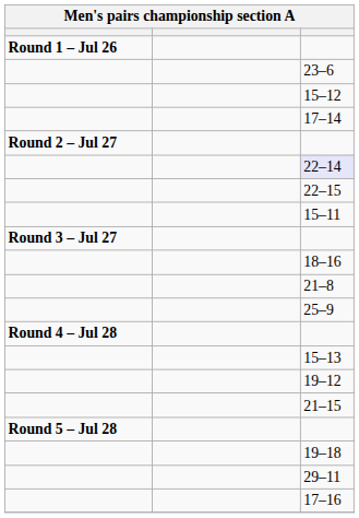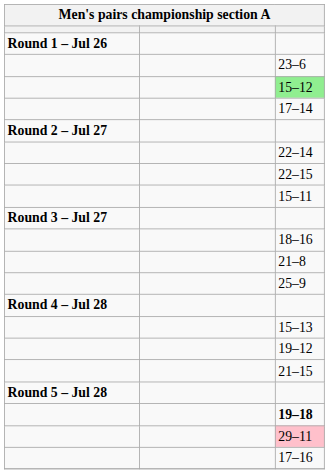 <table class="wikitable">
 <tr>
 <th colspan="3">Men's pairs championship section A</th>
 </tr>
 <tr>
 <th width=150></th>
 <th width=150></th>
 <th width=50></th>
 </tr>
 <tr>
 <td><strong>Round 1 – Jul 26</strong></td>
 <td></td>
 <td></td>
 </tr>
 <tr>
 <td></td>
 <td></td>
 <td>23–6</td>
 </tr>
 <tr>
 <td></td>
 <td></td>
-<td>15–12</td>
+<td style="background: lightgreen;">15–12</td>
 </tr>
 <tr>
 <td></td>
 <td></td>
 <td>17–14</td>
 </tr>
 <tr>
 <td><strong>Round 2 – Jul 27</strong></td>
 <td></td>
 <td></td>
 </tr>
 <tr>
 <td></td>
 <td></td>
-<td style="background: lavender;">22–14</td>
+<td>22–14</td>
 </tr>
 <tr>
 <td></td>
 <td></td>
 <td>22–15</td>
 </tr>
 <tr>
 <td></td>
 <td></td>
 <td>15–11</td>
 </tr>
 <tr>
 <td><strong>Round 3 – Jul 27</strong></td>
 <td></td>
 <td></td>
 </tr>
 <tr>
 <td></td>
 <td></td>
 <td>18–16</td>
 </tr>
 <tr>
 <td></td>
 <td></td>
 <td>21–8</td>
 </tr>
 <tr>
 <td></td>
 <td></td>
 <td>25–9</td>
 </tr>
 <tr>
 <td><strong>Round 4 – Jul 28</strong></td>
 <td></td>
 <td></td>
 </tr>
 <tr>
 <td></td>
 <td></td>
 <td>15–13</td>
 </tr>
 <tr>
 <td></td>
 <td></td>
 <td>19–12</td>
 </tr>
 <tr>
 <td></td>
 <td></td>
 <td>21–15</td>
 </tr>
 <tr>
 <td><strong>Round 5 – Jul 28</strong></td>
 <td></td>
 <td></td>
 </tr>
 <tr>
 <td></td>
 <td></td>
-<td>19–18</td>
+<td><strong>19–18</strong></td>
 </tr>
 <tr>
 <td></td>
 <td></td>
-<td>29–11</td>
+<td style="background: pink;">29–11</td>
 </tr>
 <tr>
 <td></td>
 <td></td>
 <td>17–16</td>
 </tr>
 <tr>
 </tr>
 </table>
